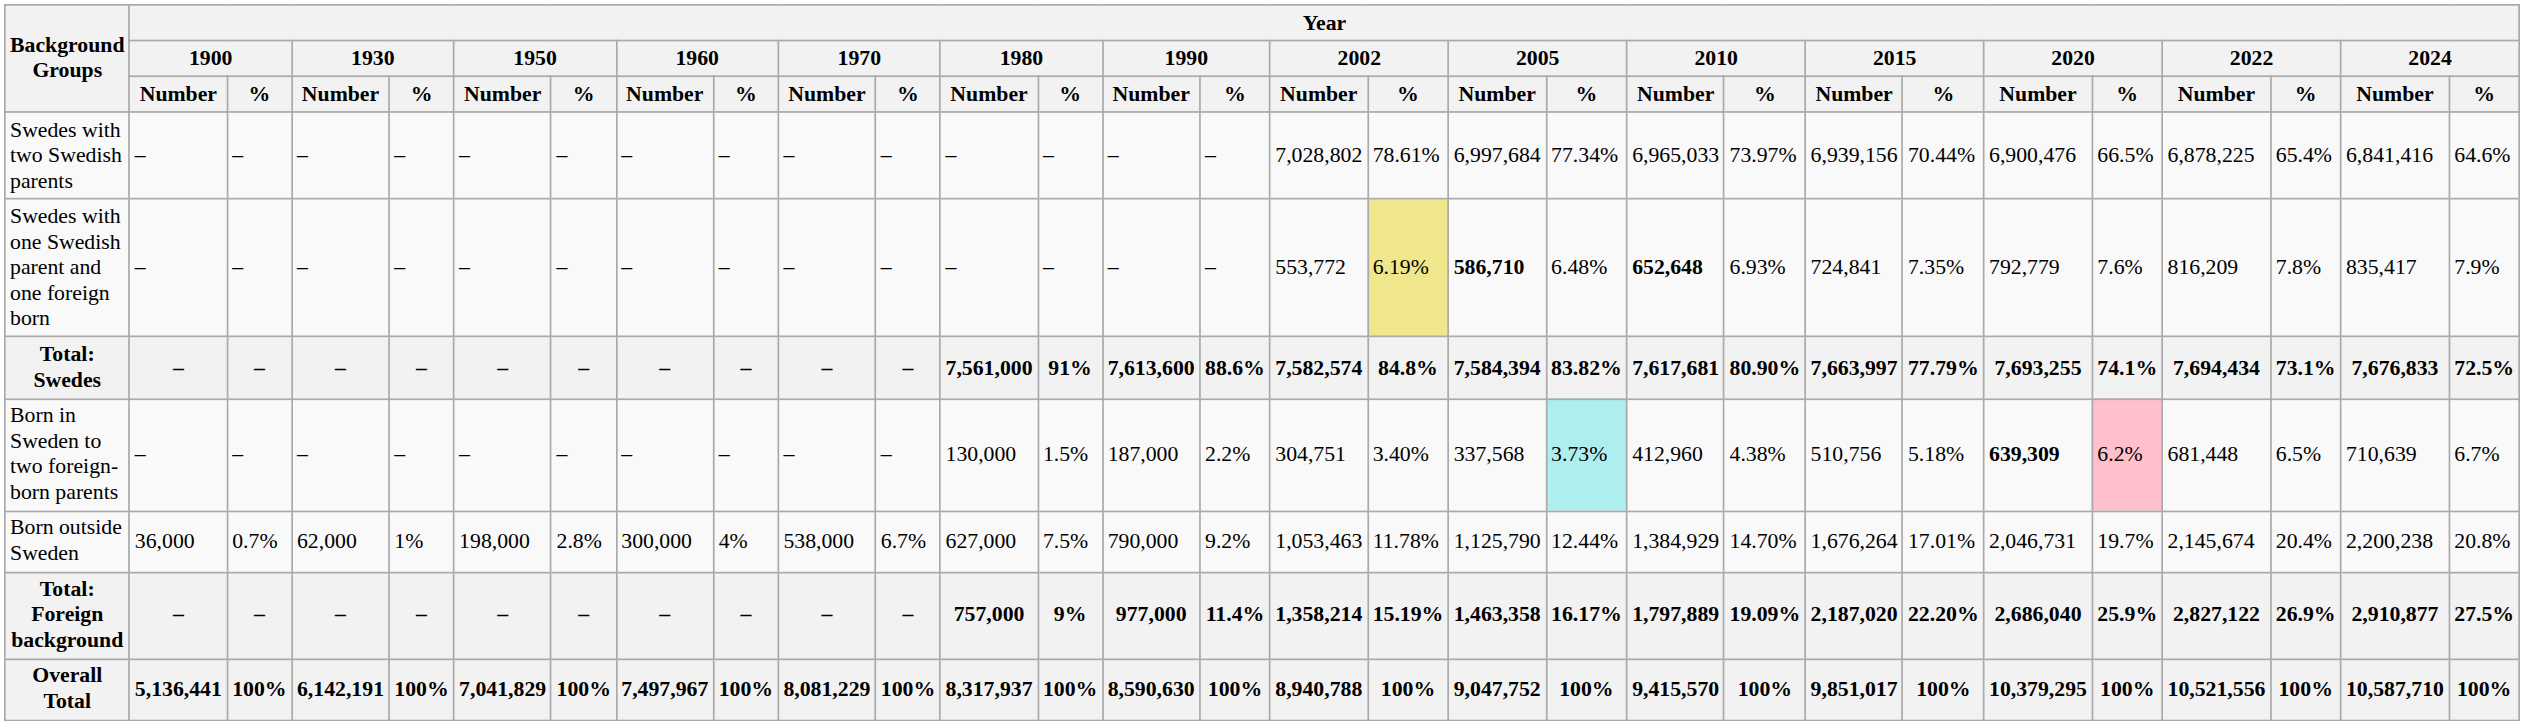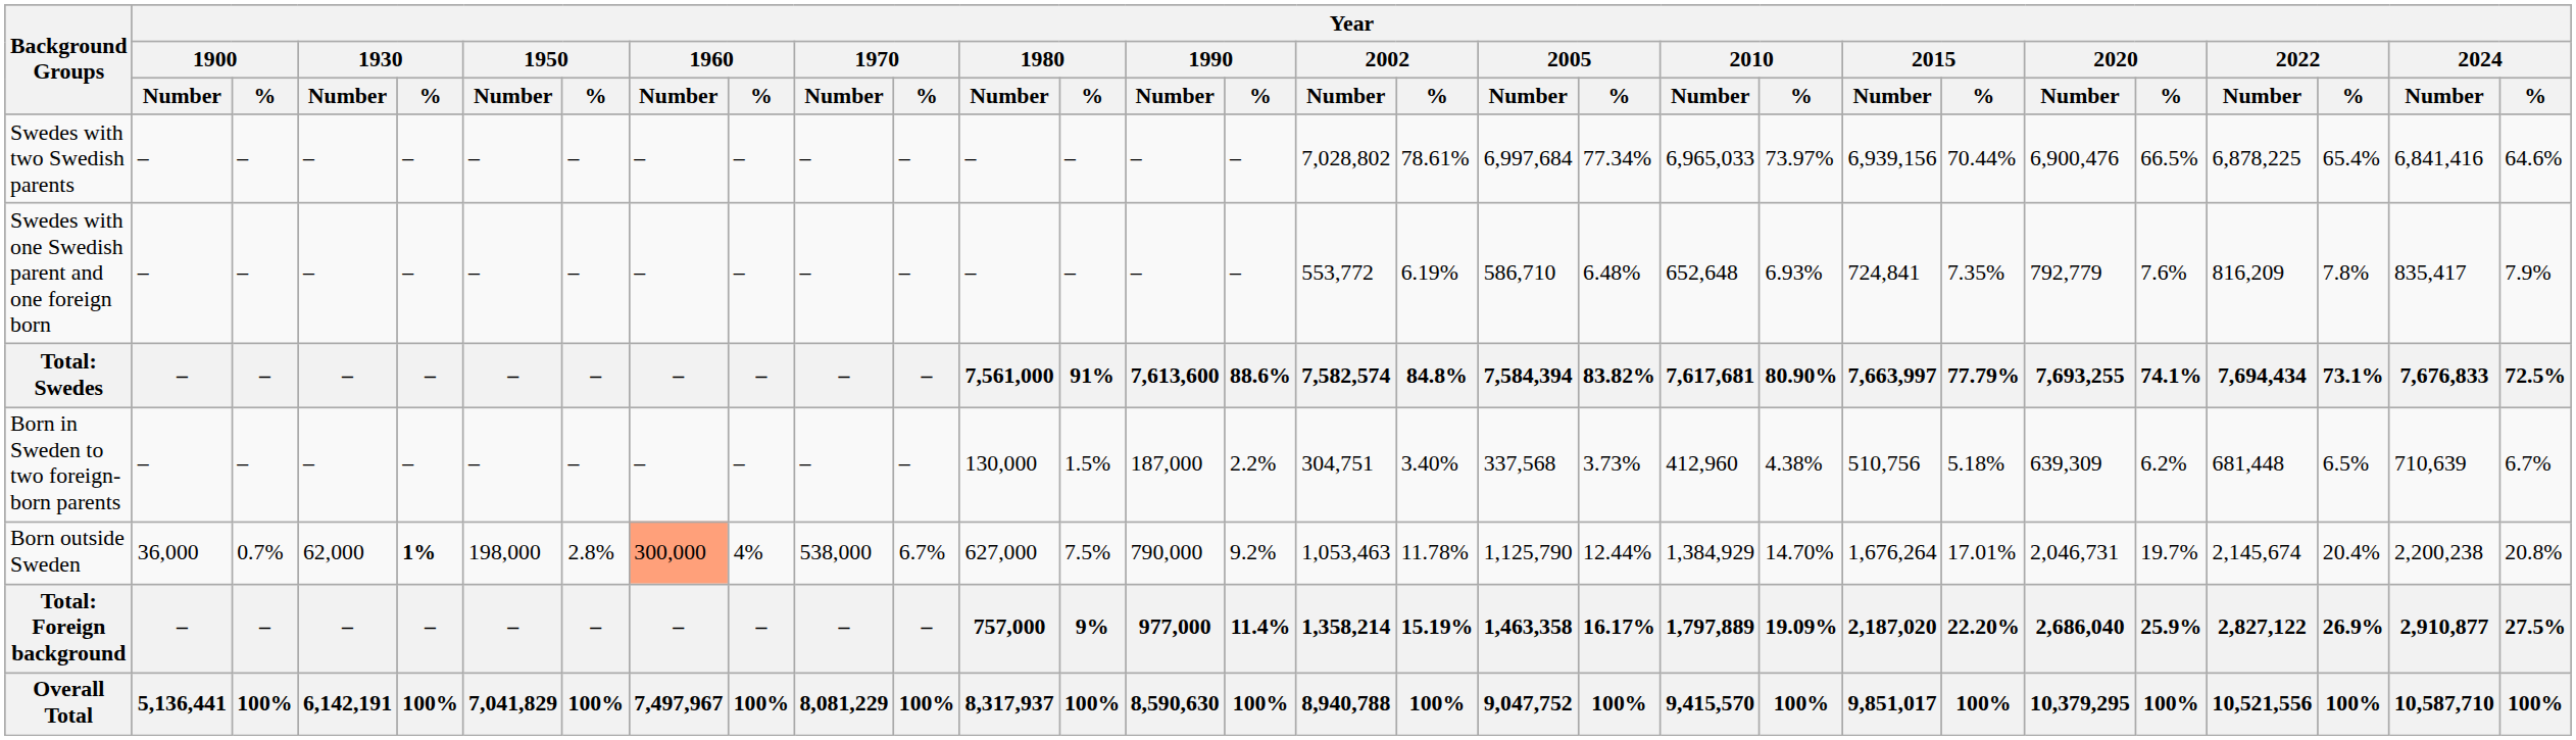 <table class="wikitable" style="text-align:right left;font-size: 80%;">
 <tr>
 <th rowspan="3">Background Groups</th>
 <th colspan="28">Year</th>
 </tr>
 <tr>
 <th colspan="2">1900</th>
 <th colspan="2">1930</th>
 <th colspan="2">1950</th>
 <th colspan="2">1960</th>
 <th colspan="2">1970</th>
 <th colspan="2">1980</th>
 <th colspan="2">1990</th>
 <th colspan="2">2002</th>
 <th colspan="2">2005</th>
 <th colspan="2">2010</th>
 <th colspan="2">2015</th>
 <th colspan="2">2020</th>
 <th colspan="2">2022</th>
 <th colspan="2">2024</th>
 </tr>
 <tr>
 <th>Number</th>
 <th>%</th>
 <th>Number</th>
 <th>%</th>
 <th>Number</th>
 <th>%</th>
 <th>Number</th>
 <th>%</th>
 <th>Number</th>
 <th>%</th>
 <th>Number</th>
 <th>%</th>
 <th>Number</th>
 <th>%</th>
 <th>Number</th>
 <th>%</th>
 <th>Number</th>
 <th>%</th>
 <th>Number</th>
 <th>%</th>
 <th>Number</th>
 <th>%</th>
 <th>Number</th>
 <th>%</th>
 <th>Number</th>
 <th>%</th>
 <th>Number</th>
 <th>%</th>
 </tr>
 <tr>
 <td>Swedes with two Swedish parents</td>
 <td>–</td>
 <td>–</td>
 <td>–</td>
 <td>–</td>
 <td>–</td>
 <td>–</td>
 <td>–</td>
 <td>–</td>
 <td>–</td>
 <td>–</td>
 <td>–</td>
 <td>–</td>
 <td>–</td>
 <td>–</td>
 <td>7,028,802</td>
 <td>78.61%</td>
 <td>6,997,684</td>
 <td>77.34%</td>
 <td>6,965,033</td>
 <td>73.97%</td>
 <td>6,939,156</td>
 <td>70.44%</td>
 <td>6,900,476</td>
 <td>66.5%</td>
 <td>6,878,225</td>
 <td>65.4%</td>
 <td>6,841,416</td>
 <td>64.6%</td>
 </tr>
 <tr>
 <td>Swedes with one Swedish parent and one foreign born</td>
 <td>–</td>
 <td>–</td>
 <td>–</td>
 <td>–</td>
 <td>–</td>
 <td>–</td>
 <td>–</td>
 <td>–</td>
 <td>–</td>
 <td>–</td>
 <td>–</td>
 <td>–</td>
 <td>–</td>
 <td>–</td>
 <td>553,772</td>
-<td style="background: khaki;">6.19%</td>
-<td><strong>586,710</strong></td>
+<td>6.19%</td>
+<td>586,710</td>
 <td>6.48%</td>
-<td><strong>652,648</strong></td>
+<td>652,648</td>
 <td>6.93%</td>
 <td>724,841</td>
 <td>7.35%</td>
 <td>792,779</td>
 <td>7.6%</td>
 <td>816,209</td>
 <td>7.8%</td>
 <td>835,417</td>
 <td>7.9%</td>
 </tr>
 <tr>
 <th> Total: Swedes</th>
 <th>–</th>
 <th>–</th>
 <th>–</th>
 <th>–</th>
 <th>–</th>
 <th>–</th>
 <th>–</th>
 <th>–</th>
 <th>–</th>
 <th>–</th>
 <th>7,561,000</th>
 <th>91%</th>
 <th>7,613,600</th>
 <th>88.6%</th>
 <th>7,582,574</th>
 <th>84.8%</th>
 <th>7,584,394</th>
 <th>83.82%</th>
 <th>7,617,681</th>
 <th>80.90%</th>
 <th>7,663,997</th>
 <th>77.79%</th>
 <th>7,693,255</th>
 <th>74.1%</th>
 <th>7,694,434</th>
 <th>73.1%</th>
 <th>7,676,833</th>
 <th>72.5%</th>
 </tr>
 <tr>
 <td>Born in Sweden to two foreign-born parents</td>
 <td>–</td>
 <td>–</td>
 <td>–</td>
 <td>–</td>
 <td>–</td>
 <td>–</td>
 <td>–</td>
 <td>–</td>
 <td>–</td>
 <td>–</td>
 <td>130,000</td>
 <td>1.5%</td>
 <td>187,000</td>
 <td>2.2%</td>
 <td>304,751</td>
 <td>3.40%</td>
 <td>337,568</td>
-<td style="background: paleturquoise;">3.73%</td>
+<td>3.73%</td>
 <td>412,960</td>
 <td>4.38%</td>
 <td>510,756</td>
 <td>5.18%</td>
-<td><strong>639,309</strong></td>
-<td style="background: pink;">6.2%</td>
+<td>639,309</td>
+<td>6.2%</td>
 <td>681,448</td>
 <td>6.5%</td>
 <td>710,639</td>
 <td>6.7%</td>
 </tr>
 <tr>
 <td>Born outside Sweden</td>
 <td>36,000</td>
 <td>0.7%</td>
 <td>62,000</td>
-<td>1%</td>
+<td><strong>1%</strong></td>
 <td>198,000</td>
 <td>2.8%</td>
-<td>300,000</td>
+<td style="background: lightsalmon;">300,000</td>
 <td>4%</td>
 <td>538,000</td>
 <td>6.7%</td>
 <td>627,000</td>
 <td>7.5%</td>
 <td>790,000</td>
 <td>9.2%</td>
 <td>1,053,463</td>
 <td>11.78%</td>
 <td>1,125,790</td>
 <td>12.44%</td>
 <td>1,384,929</td>
 <td>14.70%</td>
 <td>1,676,264</td>
 <td>17.01%</td>
 <td>2,046,731</td>
 <td>19.7%</td>
 <td>2,145,674</td>
 <td>20.4%</td>
 <td>2,200,238</td>
 <td>20.8%</td>
 </tr>
 <tr>
 <th>Total: Foreign background</th>
 <th>–</th>
 <th>–</th>
 <th>–</th>
 <th>–</th>
 <th>–</th>
 <th>–</th>
 <th>–</th>
 <th>–</th>
 <th>–</th>
 <th>–</th>
 <th>757,000</th>
 <th>9%</th>
 <th>977,000</th>
 <th>11.4%</th>
 <th>1,358,214</th>
 <th>15.19%</th>
 <th>1,463,358</th>
 <th>16.17%</th>
 <th>1,797,889</th>
 <th>19.09%</th>
 <th>2,187,020</th>
 <th>22.20%</th>
 <th>2,686,040</th>
 <th>25.9%</th>
 <th>2,827,122</th>
 <th>26.9%</th>
 <th>2,910,877</th>
 <th>27.5%</th>
 </tr>
 <tr>
 <th>Overall Total</th>
 <th>5,136,441</th>
 <th>100%</th>
 <th>6,142,191</th>
 <th>100%</th>
 <th>7,041,829</th>
 <th>100%</th>
 <th>7,497,967</th>
 <th>100%</th>
 <th>8,081,229</th>
 <th>100%</th>
 <th>8,317,937</th>
 <th>100%</th>
 <th>8,590,630</th>
 <th>100%</th>
 <th>8,940,788</th>
 <th>100%</th>
 <th>9,047,752</th>
 <th>100%</th>
 <th>9,415,570</th>
 <th>100%</th>
 <th>9,851,017</th>
 <th>100%</th>
 <th>10,379,295</th>
 <th>100%</th>
 <th>10,521,556</th>
 <th>100%</th>
 <th>10,587,710</th>
 <th>100%</th>
 </tr>
 </table>
